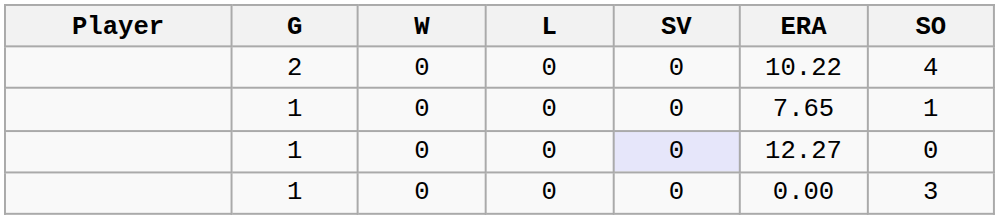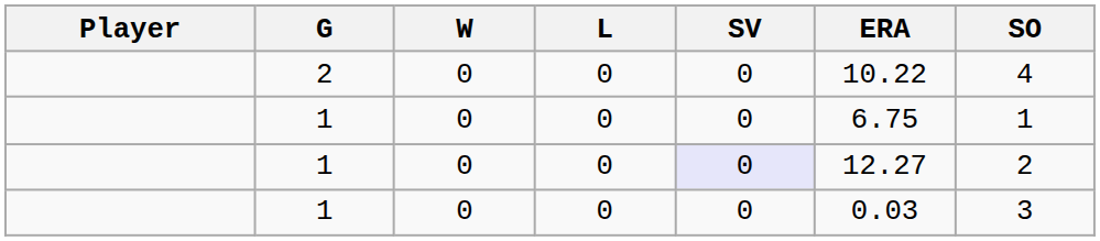 <table class="wikitable sortable">
 <tr>
 <th bgcolor="#DDDDFF" width="16%">Player</th>
 <th bgcolor="#DDDDFF" width="9%">G</th>
 <th bgcolor="#DDDDFF" width="9%">W</th>
 <th bgcolor="#DDDDFF" width="9%">L</th>
 <th bgcolor="#DDDDFF" width="9%">SV</th>
 <th bgcolor="#DDDDFF" width="9%">ERA</th>
 <th bgcolor="#DDDDFF" width="9%">SO</th>
 </tr>
 <tr align="center">
 <td></td>
 <td>2</td>
 <td>0</td>
 <td>0</td>
 <td>0</td>
 <td>10.22</td>
 <td>4</td>
 </tr>
 <tr align="center">
 <td></td>
 <td>1</td>
 <td>0</td>
 <td>0</td>
 <td>0</td>
-<td>7.65</td>
+<td>6.75</td>
 <td>1</td>
 </tr>
 <tr align="center">
 <td></td>
 <td>1</td>
 <td>0</td>
 <td>0</td>
 <td style="background: lavender;">0</td>
 <td>12.27</td>
-<td>0</td>
+<td>2</td>
 </tr>
 <tr align="center">
 <td></td>
 <td>1</td>
 <td>0</td>
 <td>0</td>
 <td>0</td>
-<td>0.00</td>
+<td>0.03</td>
 <td>3</td>
 </tr>
 </table>
